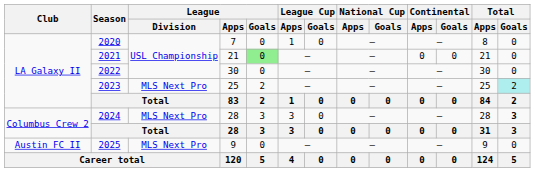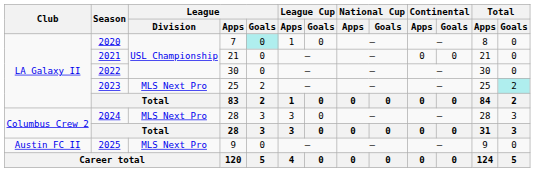 <table class="wikitable" style="text-align:center">
 <tr>
 <th rowspan="2">Club</th>
 <th rowspan="2">Season</th>
 <th colspan="3">League</th>
 <th colspan="2">League Cup</th>
 <th colspan="2">National Cup</th>
 <th colspan="2">Continental</th>
 <th colspan="2">Total</th>
 </tr>
 <tr>
 <th>Division</th>
 <th>Apps</th>
 <th>Goals</th>
 <th>Apps</th>
 <th>Goals</th>
 <th>Apps</th>
 <th>Goals</th>
 <th>Apps</th>
 <th>Goals</th>
 <th>Apps</th>
 <th>Goals</th>
 </tr>
 <tr>
 <td rowspan="5"><a href='#'>LA Galaxy II</a></td>
 <td><a href='#'>2020</a></td>
 <td rowspan="3"><a href='#'>USL Championship</a></td>
 <td>7</td>
-<td>0</td>
+<td style="background: paleturquoise;">0</td>
 <td>1</td>
 <td>0</td>
 <td colspan="2">–</td>
 <td colspan="2">–</td>
 <td>8</td>
 <td>0</td>
 </tr>
 <tr>
 <td><a href='#'>2021</a></td>
 <td>21</td>
-<td style="background: lightgreen;">0</td>
+<td>0</td>
 <td colspan="2">–</td>
 <td colspan="2">–</td>
 <td>0</td>
 <td>0</td>
 <td>21</td>
 <td>0</td>
 </tr>
 <tr>
 <td><a href='#'>2022</a></td>
 <td>30</td>
 <td>0</td>
 <td colspan="2">–</td>
 <td colspan="2">–</td>
 <td colspan="2">–</td>
 <td>30</td>
 <td>0</td>
 </tr>
 <tr>
 <td><a href='#'>2023</a></td>
 <td><a href='#'>MLS Next Pro</a></td>
 <td>25</td>
 <td>2</td>
 <td colspan="2">–</td>
 <td colspan="2">–</td>
 <td colspan="2">–</td>
 <td>25</td>
 <td style="background: paleturquoise;">2</td>
 </tr>
 <tr>
 <th colspan="2">Total</th>
 <th>83</th>
 <th>2</th>
 <th>1</th>
 <th>0</th>
 <th>0</th>
 <th>0</th>
 <th>0</th>
 <th>0</th>
 <th>84</th>
 <th>2</th>
 </tr>
 <tr>
 <td rowspan=2><a href='#'>Columbus Crew 2</a></td>
 <td><a href='#'>2024</a></td>
 <td><a href='#'>MLS Next Pro</a></td>
 <td>28</td>
 <td>3</td>
 <td>3</td>
 <td>0</td>
 <td colspan="2">–</td>
 <td colspan="2">–</td>
 <td>28</td>
-<td><strong>3</strong></td>
+<td>3</td>
 </tr>
 <tr>
 <th colspan="2">Total</th>
 <th>28</th>
 <th>3</th>
 <th>3</th>
 <th>0</th>
 <th>0</th>
 <th>0</th>
 <th>0</th>
 <th>0</th>
 <th>31</th>
 <th>3</th>
 </tr>
 <tr>
 <td><a href='#'>Austin FC II</a></td>
 <td><a href='#'>2025</a></td>
 <td><a href='#'>MLS Next Pro</a></td>
 <td>9</td>
 <td>0</td>
 <td colspan="2">–</td>
 <td colspan="2">–</td>
 <td colspan="2">–</td>
 <td>9</td>
 <td>0</td>
 </tr>
 <tr>
 <th colspan="3">Career total</th>
 <th>120</th>
 <th>5</th>
 <th>4</th>
 <th>0</th>
 <th>0</th>
 <th>0</th>
 <th>0</th>
 <th>0</th>
 <th>124</th>
 <th>5</th>
 </tr>
 </table>
